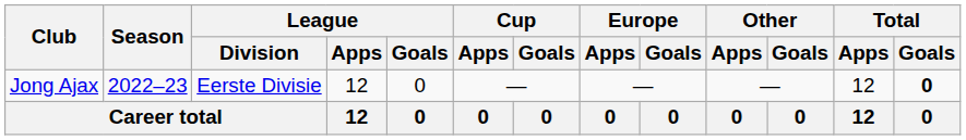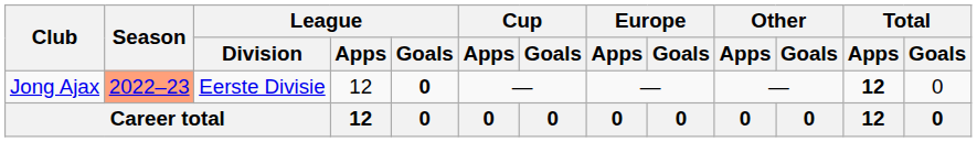 <table class="wikitable" style="text-align:center">
 <tr>
 <th rowspan="2">Club</th>
 <th rowspan="2">Season</th>
 <th colspan="3">League</th>
 <th colspan="2">Cup</th>
 <th colspan="2">Europe</th>
 <th colspan="2">Other</th>
 <th colspan="2">Total</th>
 </tr>
 <tr>
 <th>Division</th>
 <th>Apps</th>
 <th>Goals</th>
 <th>Apps</th>
 <th>Goals</th>
 <th>Apps</th>
 <th>Goals</th>
 <th>Apps</th>
 <th>Goals</th>
 <th>Apps</th>
 <th>Goals</th>
 </tr>
 <tr>
 <td><a href='#'>Jong Ajax</a></td>
-<td><a href='#'>2022–23</a></td>
+<td style="background: lightsalmon;"><a href='#'>2022–23</a></td>
 <td><a href='#'>Eerste Divisie</a></td>
 <td>12</td>
-<td>0</td>
+<td><strong>0</strong></td>
 <td colspan="2">—</td>
 <td colspan="2">—</td>
 <td colspan="2">—</td>
-<td>12</td>
-<td><strong>0</strong></td>
+<td><strong>12</strong></td>
+<td>0</td>
 </tr>
 <tr>
 <th colspan="3">Career total</th>
 <th>12</th>
 <th>0</th>
 <th>0</th>
 <th>0</th>
 <th>0</th>
 <th>0</th>
 <th>0</th>
 <th>0</th>
 <th>12</th>
 <th>0</th>
 </tr>
 </table>
